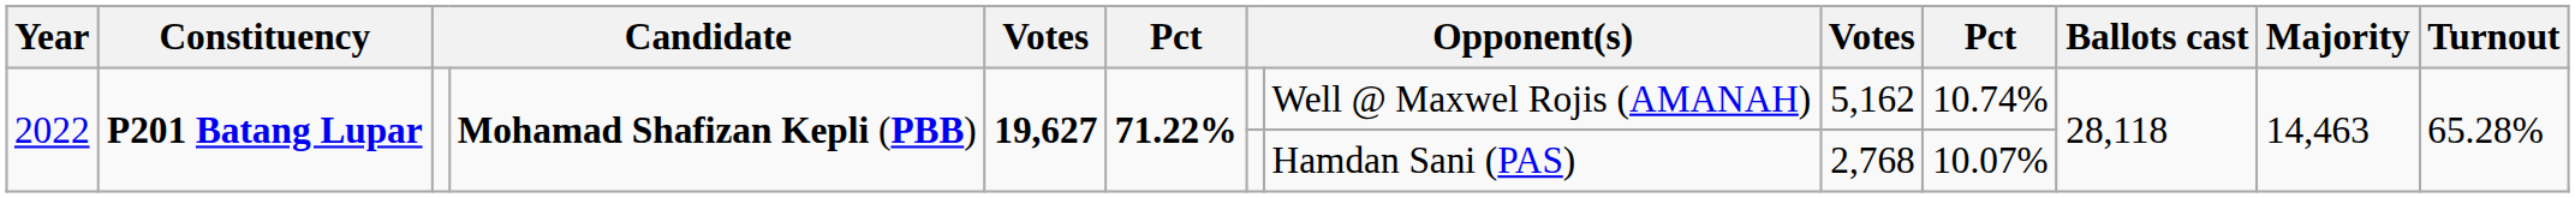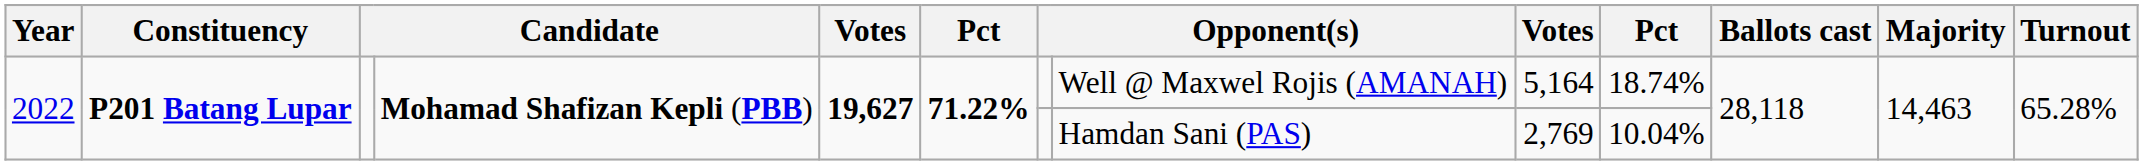 <table class="wikitable" style="margin:0.5em ; font-size:95%">
 <tr>
 <th>Year</th>
 <th>Constituency</th>
 <th colspan=2>Candidate</th>
 <th>Votes</th>
 <th>Pct</th>
 <th colspan=2>Opponent(s)</th>
 <th>Votes</th>
 <th>Pct</th>
 <th>Ballots cast</th>
 <th>Majority</th>
 <th>Turnout</th>
 </tr>
 <tr>
 <td rowspan=2><a href='#'>2022</a></td>
 <td rowspan=2><strong>P201	<a href='#'>Batang Lupar</a></strong></td>
 <td rowspan=2 ></td>
 <td rowspan=2><strong>Mohamad Shafizan Kepli</strong> (<a href='#'><strong>PBB</strong></a>)</td>
 <td rowspan=2 align=right><strong>19,627</strong></td>
 <td rowspan=2><strong>71.22%</strong></td>
 <td bgcolor=></td>
 <td>Well @ Maxwel Rojis (<a href='#'>AMANAH</a>)</td>
-<td align=right>5,162</td>
-<td>10.74%</td>
+<td align=right>5,164</td>
+<td>18.74%</td>
 <td rowspan=2>28,118</td>
 <td rowspan=2>14,463</td>
 <td rowspan=2>65.28%</td>
 </tr>
 <tr>
 <td></td>
 <td>Hamdan Sani (<a href='#'>PAS</a>)</td>
-<td align=right>2,768</td>
-<td>10.07%</td>
+<td align=right>2,769</td>
+<td>10.04%</td>
 </tr>
 </table>
